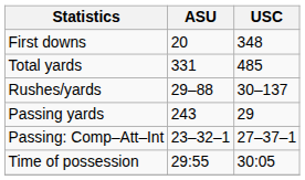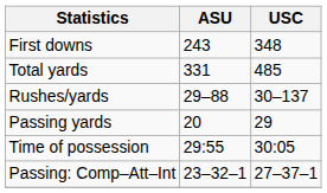 <table class="wikitable" style="float: left;">
 <tr>
 <th>Statistics</th>
 <th>ASU</th>
 <th>USC</th>
 </tr>
 <tr>
 <td>First downs</td>
-<td>20</td>
+<td>243</td>
 <td>348</td>
 </tr>
 <tr>
 <td>Total yards</td>
 <td>331</td>
 <td>485</td>
 </tr>
 <tr>
 <td>Rushes/yards</td>
 <td>29–88</td>
 <td>30–137</td>
 </tr>
 <tr>
 <td>Passing yards</td>
-<td>243</td>
+<td>20</td>
 <td>29</td>
+</tr>
+<tr>
+<td>Time of possession</td>
+<td>29:55</td>
+<td>30:05</td>
 </tr>
 <tr>
 <td>Passing: Comp–Att–Int</td>
 <td>23–32–1</td>
 <td>27–37–1</td>
 </tr>
 <tr>
-<td>Time of possession</td>
-<td>29:55</td>
-<td>30:05</td>
-</tr>
-<tr>
 </tr>
 </table>
